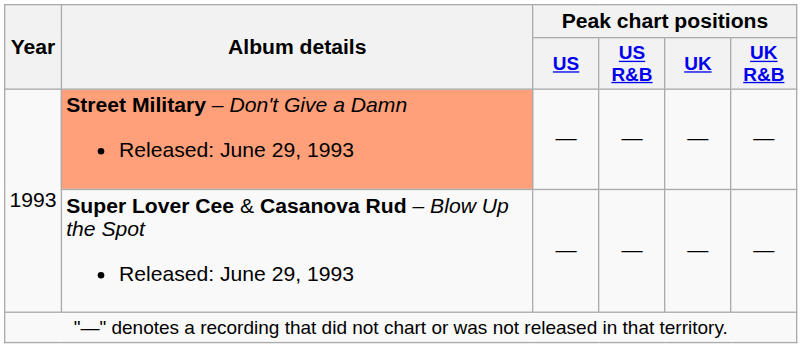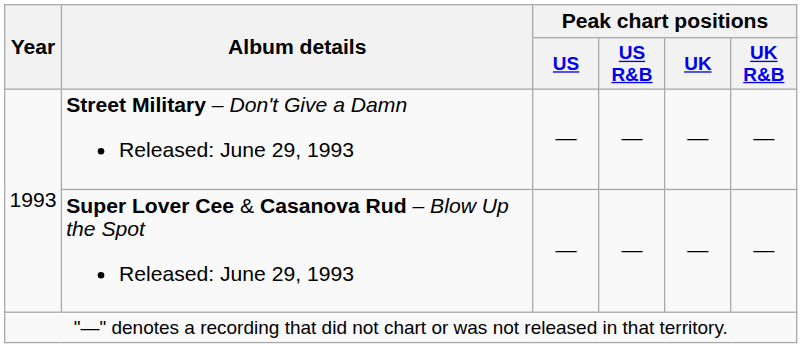 <table class="wikitable">
 <tr>
 <th rowspan="2" style="width:20px;">Year</th>
 <th rowspan="2" style="width:350px;">Album details</th>
 <th colspan="4">Peak chart positions</th>
 </tr>
 <tr>
 <th scope="col" style="width:3em;font-size:90%;"><a href='#'>US</a></th>
 <th scope="col" style="width:3em;font-size:90%;"><a href='#'>US R&B</a></th>
 <th scope="col" style="width:3em;font-size:90%;"><a href='#'>UK</a></th>
 <th scope="col" style="width:3em;font-size:90%;"><a href='#'>UK R&B</a></th>
 </tr>
 <tr>
 <td rowspan="2" style="text-align:center;">1993</td>
-<td style="background: lightsalmon;"><strong>Street Military</strong> – <em>Don't Give a Damn</em><br><ul><li>Released: June 29, 1993</li></ul></td>
+<td><strong>Street Military</strong> – <em>Don't Give a Damn</em><br><ul><li>Released: June 29, 1993</li></ul></td>
 <td style="text-align:center;">—</td>
 <td style="text-align:center;">—</td>
 <td style="text-align:center;">—</td>
 <td style="text-align:center;">—</td>
 </tr>
 <tr>
 <td><strong>Super Lover Cee</strong> & <strong>Casanova Rud</strong> – <em>Blow Up the Spot</em><br><ul><li>Released: June 29, 1993</li></ul></td>
 <td style="text-align:center;">—</td>
 <td style="text-align:center;">—</td>
 <td style="text-align:center;">—</td>
 <td style="text-align:center;">—</td>
 </tr>
 <tr>
 <td colspan="6" style="font-size:90%" align="center">"—" denotes a recording that did not chart or was not released in that territory.</td>
 </tr>
 </table>
